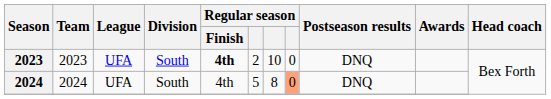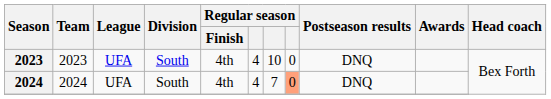 <table class="wikitable" style="text-align:center">
 <tr>
 <th scope="col" rowspan="2">Season</th>
 <th scope="col" rowspan="2">Team</th>
 <th scope="col" rowspan="2">League</th>
 <th scope="col" rowspan="2">Division</th>
 <th scope="colgroup" colspan="4">Regular season</th>
 <th scope="col" rowspan="2">Postseason results</th>
 <th scope="col" rowspan="2">Awards</th>
 <th scope=col rowspan="2">Head coach</th>
 </tr>
 <tr>
 <th scope="col" rowspan="1">Finish</th>
 <th scope="col" rowspan="1"></th>
 <th scope="col" rowspan="1"></th>
 <th scope="col" rowspan="1"  width=2.5%></th>
 </tr>
 <tr>
 <th scope=row>2023</th>
 <td>2023</td>
 <td><a href='#'>UFA</a></td>
 <td><a href='#'>South</a></td>
-<td><strong>4th</strong></td>
-<td>2</td>
+<td>4th</td>
+<td>4</td>
 <td>10</td>
 <td>0</td>
 <td>DNQ</td>
 <td></td>
 <td rowspan="4">Bex Forth</td>
 </tr>
 <tr>
 <th scope=row>2024</th>
 <td>2024</td>
 <td>UFA</td>
 <td>South</td>
 <td>4th</td>
-<td>5</td>
-<td>8</td>
+<td>4</td>
+<td>7</td>
 <td style="background: lightsalmon;">0</td>
 <td>DNQ</td>
 <td></td>
 </tr>
 <tr>
 </tr>
 </table>
